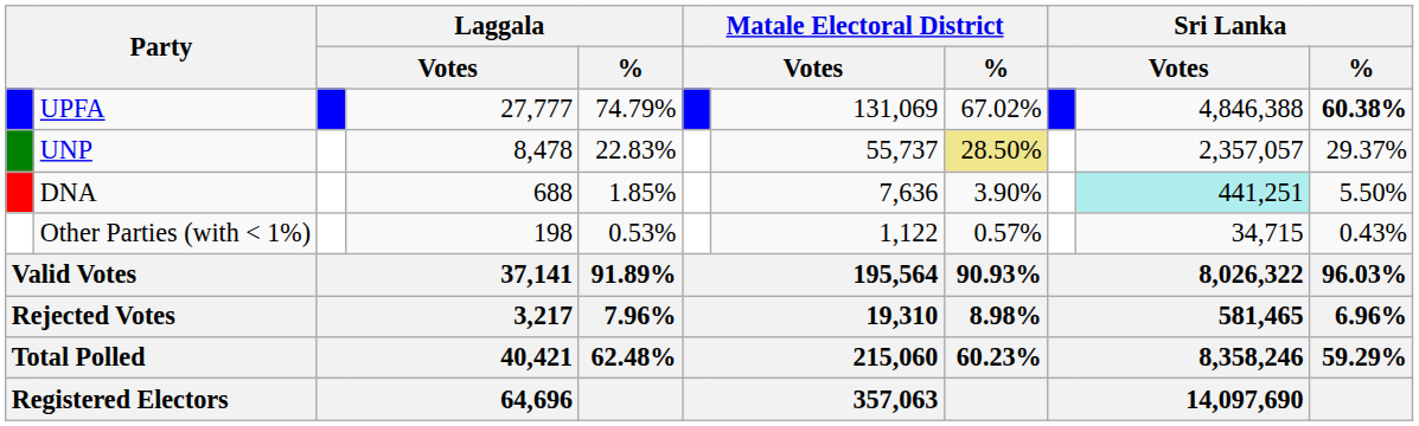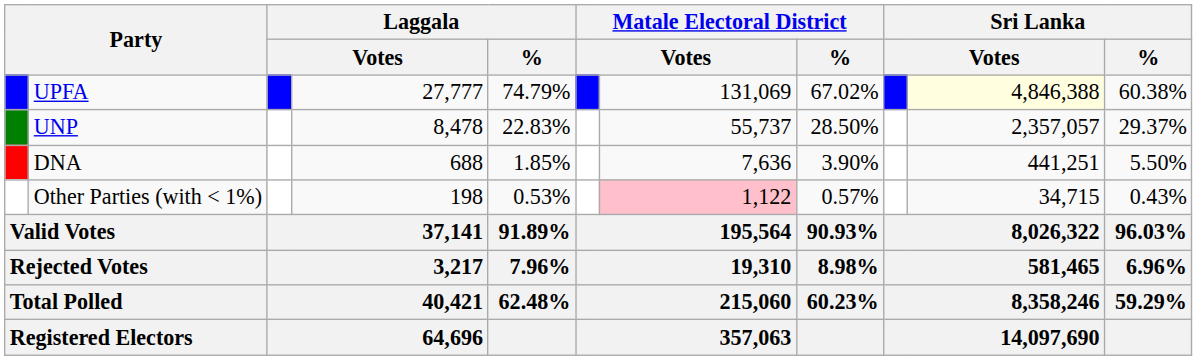 <table class="wikitable">
 <tr>
 <th colspan="2" width="144px"rowspan="2">Party</th>
 <th colspan="3" width="216px">Laggala</th>
 <th colspan="3" width="216px"><a href='#'>Matale Electoral District</a></th>
 <th colspan="3" width="216px">Sri Lanka</th>
 </tr>
 <tr>
 <th colspan="2" width="144px">Votes</th>
 <th>%</th>
 <th colspan="2" width="144px">Votes</th>
 <th>%</th>
 <th colspan="2" width="144px">Votes</th>
 <th>%</th>
 </tr>
 <tr>
 <td style="background-color:blue;" width="10px"></td>
 <td style="text-align:left;"><a href='#'>UPFA</a></td>
 <td style="background-color:blue;" width="10px"></td>
 <td style="text-align:right;">27,777</td>
 <td style="text-align:right;">74.79%</td>
 <td style="background-color:blue;" width="10px"></td>
 <td style="text-align:right;">131,069</td>
 <td style="text-align:right;">67.02%</td>
 <td style="background-color:blue;" width="10px"></td>
-<td style="text-align:right;">4,846,388</td>
-<td style="text-align:right;"><strong>60.38%</strong></td>
+<td style="background: lightyellow; text-align:right;">4,846,388</td>
+<td style="text-align:right;">60.38%</td>
 </tr>
 <tr>
 <td style="background-color:green;" width="10px"></td>
 <td style="text-align:left;"><a href='#'>UNP</a></td>
 <td style="background-color:white;" width="10px"></td>
 <td style="text-align:right;">8,478</td>
 <td style="text-align:right;">22.83%</td>
 <td style="background-color:white;" width="10px"></td>
 <td style="text-align:right;">55,737</td>
-<td style="background: khaki; text-align:right;">28.50%</td>
+<td style="text-align:right;">28.50%</td>
 <td style="background-color:white;" width="10px"></td>
 <td style="text-align:right;">2,357,057</td>
 <td style="text-align:right;">29.37%</td>
 </tr>
 <tr>
 <td style="background-color:red;" width="10px"></td>
 <td style="text-align:left;">DNA</td>
 <td style="background-color:white;" width="10px"></td>
 <td style="text-align:right;">688</td>
 <td style="text-align:right;">1.85%</td>
 <td style="background-color:white;" width="10px"></td>
 <td style="text-align:right;">7,636</td>
 <td style="text-align:right;">3.90%</td>
 <td style="background-color:white;" width="10px"></td>
-<td style="background: paleturquoise; text-align:right;">441,251</td>
+<td style="text-align:right;">441,251</td>
 <td style="text-align:right;">5.50%</td>
 </tr>
 <tr>
 <td style="background-color:white;" width="10px"></td>
 <td style="text-align:left;">Other Parties (with < 1%)</td>
 <td style="background-color:white;" width="10px"></td>
 <td style="text-align:right;">198</td>
 <td style="text-align:right;">0.53%</td>
 <td style="background-color:white;" width="10px"></td>
-<td style="text-align:right;">1,122</td>
+<td style="background: pink; text-align:right;">1,122</td>
 <td style="text-align:right;">0.57%</td>
 <td style="background-color:white;" width="10px"></td>
 <td style="text-align:right;">34,715</td>
 <td style="text-align:right;">0.43%</td>
 </tr>
 <tr>
 <th colspan="2" width="144px"style="text-align:left;">Valid Votes</th>
 <th style="text-align:right;"colspan="2" width="144px">37,141</th>
 <th style="text-align:right;">91.89%</th>
 <th style="text-align:right;"colspan="2" width="144px">195,564</th>
 <th style="text-align:right;">90.93%</th>
 <th style="text-align:right;"colspan="2" width="144px">8,026,322</th>
 <th style="text-align:right;">96.03%</th>
 </tr>
 <tr>
 <th colspan="2" width="144px"style="text-align:left;">Rejected Votes</th>
 <th style="text-align:right;"colspan="2" width="144px">3,217</th>
 <th style="text-align:right;">7.96%</th>
 <th style="text-align:right;"colspan="2" width="144px">19,310</th>
 <th style="text-align:right;">8.98%</th>
 <th style="text-align:right;"colspan="2" width="144px">581,465</th>
 <th style="text-align:right;">6.96%</th>
 </tr>
 <tr>
 <th colspan="2" width="144px"style="text-align:left;">Total Polled</th>
 <th style="text-align:right;"colspan="2" width="144px">40,421</th>
 <th style="text-align:right;">62.48%</th>
 <th style="text-align:right;"colspan="2" width="144px">215,060</th>
 <th style="text-align:right;">60.23%</th>
 <th style="text-align:right;"colspan="2" width="144px">8,358,246</th>
 <th style="text-align:right;">59.29%</th>
 </tr>
 <tr>
 <th colspan="2" width="144px"style="text-align:left;">Registered Electors</th>
 <th style="text-align:right;"colspan="2" width="144px">64,696</th>
 <th></th>
 <th style="text-align:right;"colspan="2" width="144px">357,063</th>
 <th></th>
 <th style="text-align:right;"colspan="2" width="144px">14,097,690</th>
 <th></th>
 </tr>
 </table>
